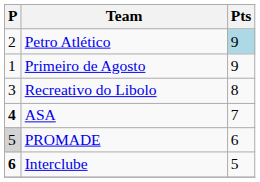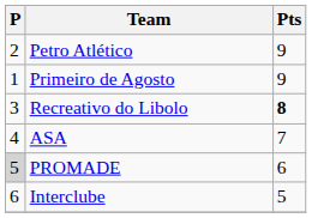 <table class="wikitable">
 <tr>
 <th>P</th>
 <th width=205>Team</th>
 <th>Pts</th>
 </tr>
 <tr>
 <td>2</td>
 <td><a href='#'>Petro Atlético</a></td>
-<td style="background: lightblue;">9</td>
+<td>9</td>
 </tr>
 <tr>
 <td>1</td>
 <td><a href='#'>Primeiro de Agosto</a></td>
 <td>9</td>
 </tr>
 <tr>
 <td>3</td>
 <td><a href='#'>Recreativo do Libolo</a></td>
-<td>8</td>
+<td><strong>8</strong></td>
 </tr>
 <tr>
-<td><strong>4</strong></td>
+<td>4</td>
 <td><a href='#'>ASA</a></td>
 <td>7</td>
 </tr>
 <tr>
 <td style="background: lightgrey;">5</td>
 <td><a href='#'>PROMADE</a></td>
 <td>6</td>
 </tr>
 <tr>
-<td><strong>6</strong></td>
+<td>6</td>
 <td><a href='#'>Interclube</a></td>
 <td>5</td>
 </tr>
 <tr>
 </tr>
 </table>
